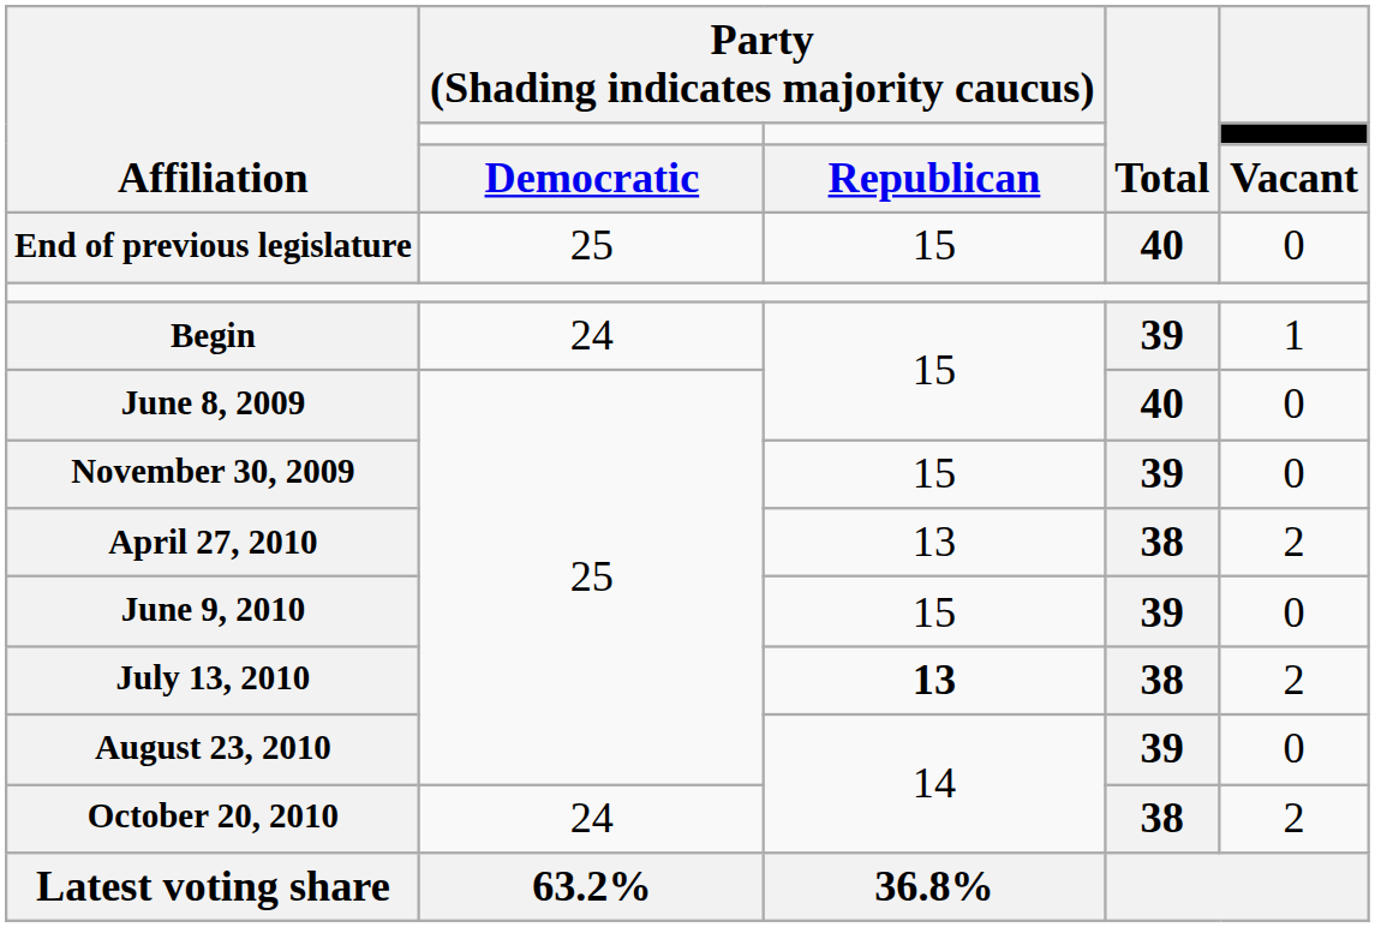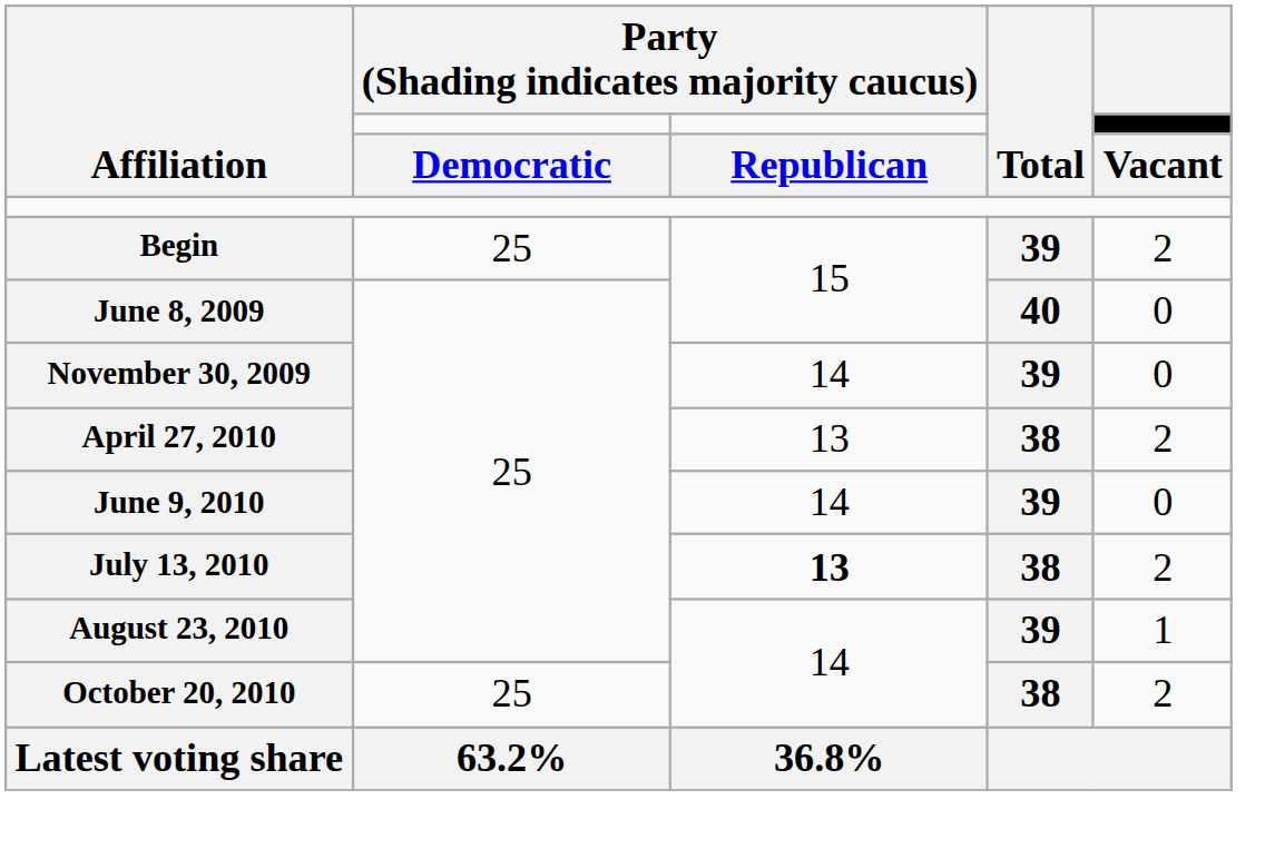 <table class=wikitable style="text-align:center">
 <tr style="vertical-align:bottom;">
 <th rowspan=3>Affiliation</th>
 <th colspan=2>Party <div>(Shading indicates majority caucus)</div></th>
 <th rowspan=3>Total</th>
 <th></th>
 </tr>
 <tr style="height:5px">
 <td style="background-color:"></td>
 <td style="background-color:"></td>
 <td style="background-color:black"></td>
 </tr>
 <tr>
 <th><a href='#'>Democratic</a></th>
 <th><a href='#'>Republican</a></th>
 <th>Vacant</th>
 </tr>
 <tr>
-<th nowrap style="font-size:80%">End of previous legislature</th>
-<td>25</td>
-<td>15</td>
-<th>40</th>
-<td>0</td>
-</tr>
-<tr>
 <td colspan=5></td>
 </tr>
 <tr>
 <th nowrap style="font-size:80%">Begin</th>
-<td>24</td>
+<td>25</td>
 <td rowspan=2>15</td>
 <th>39</th>
-<td>1</td>
+<td>2</td>
 </tr>
 <tr>
 <th nowrap style="font-size:80%">June 8, 2009</th>
 <td rowspan=6 >25</td>
 <th>40</th>
 <td>0</td>
 </tr>
 <tr>
 <th nowrap style="font-size:80%">November 30, 2009</th>
-<td>15</td>
+<td>14</td>
 <th>39</th>
 <td>0</td>
 </tr>
 <tr>
 <th nowrap style="font-size:80%">April 27, 2010</th>
 <td>13</td>
 <th>38</th>
 <td>2</td>
 </tr>
 <tr>
 <th nowrap style="font-size:80%">June 9, 2010</th>
-<td>15</td>
+<td>14</td>
 <th>39</th>
 <td>0</td>
 </tr>
 <tr>
 <th nowrap style="font-size:80%">July 13, 2010</th>
 <td><strong>13</strong></td>
 <th>38</th>
 <td>2</td>
 </tr>
 <tr>
 <th nowrap style="font-size:80%">August 23, 2010</th>
 <td rowspan=2>14</td>
 <th>39</th>
-<td>0</td>
+<td>1</td>
 </tr>
 <tr>
 <th nowrap style="font-size:80%">October 20, 2010</th>
-<td>24</td>
+<td>25</td>
 <th>38</th>
 <td>2</td>
 </tr>
 <tr>
 <th>Latest voting share</th>
 <th>63.2% </th>
 <th>36.8% </th>
 <th colspan=2></th>
 </tr>
 </table>
